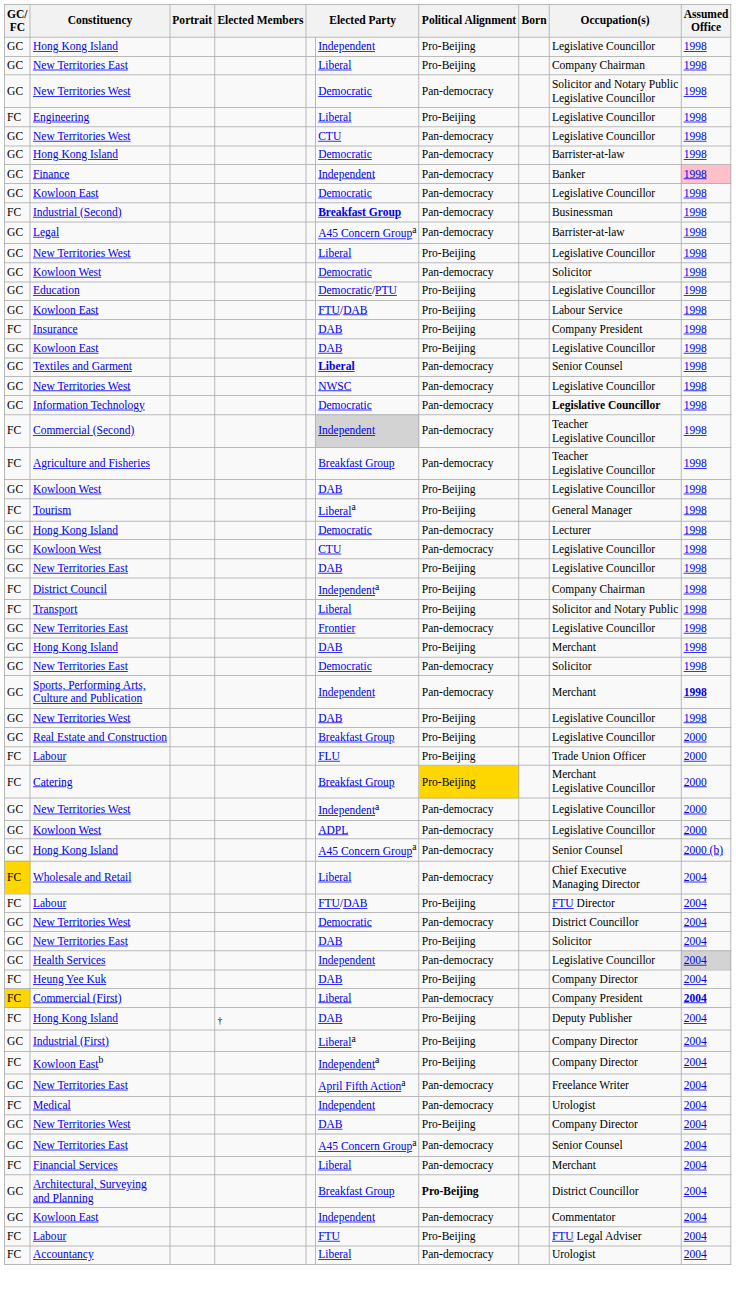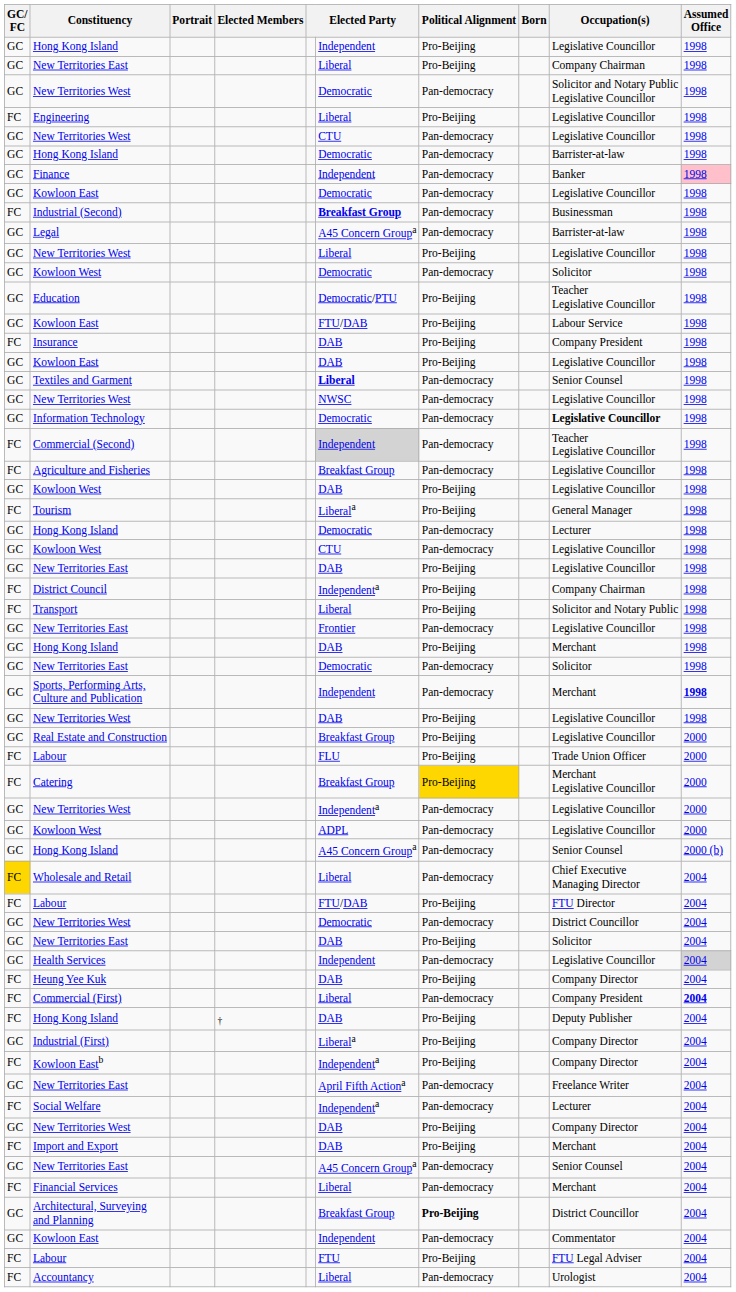 <table class="wikitable sortable" style="font-size:90%;">
 <tr>
 <th>GC/<br>FC</th>
 <th>Constituency</th>
 <th>Portrait</th>
 <th>Elected Members</th>
 <th colspan=2>Elected Party</th>
 <th>Political Alignment</th>
 <th>Born</th>
 <th>Occupation(s)</th>
 <th>Assumed<br>Office</th>
 </tr>
 <tr>
 <td>GC</td>
 <td><a href='#'>Hong Kong Island</a></td>
 <td></td>
 <td></td>
 <td style="color:inherit;background:"></td>
 <td><a href='#'>Independent</a></td>
 <td>Pro-Beijing</td>
 <td></td>
 <td>Legislative Councillor</td>
 <td><a href='#'>1998</a></td>
 </tr>
 <tr>
 <td>GC</td>
 <td><a href='#'>New Territories East</a></td>
 <td></td>
 <td></td>
 <td style="color:inherit;background:"></td>
 <td><a href='#'>Liberal</a></td>
 <td>Pro-Beijing</td>
 <td></td>
 <td>Company Chairman</td>
 <td><a href='#'>1998</a></td>
 </tr>
 <tr>
 <td>GC</td>
 <td><a href='#'>New Territories West</a></td>
 <td></td>
 <td></td>
 <td style="color:inherit;background:"></td>
 <td><a href='#'>Democratic</a></td>
 <td>Pan-democracy</td>
 <td></td>
 <td>Solicitor and Notary Public<br>Legislative Councillor</td>
 <td><a href='#'>1998</a></td>
 </tr>
 <tr>
 <td>FC</td>
 <td><a href='#'>Engineering</a></td>
 <td></td>
 <td></td>
 <td style="color:inherit;background:"></td>
 <td><a href='#'>Liberal</a></td>
 <td>Pro-Beijing</td>
 <td></td>
 <td>Legislative Councillor</td>
 <td><a href='#'>1998</a></td>
 </tr>
 <tr>
 <td>GC</td>
 <td><a href='#'>New Territories West</a></td>
 <td></td>
 <td></td>
 <td style="color:inherit;background:"></td>
 <td><a href='#'>CTU</a></td>
 <td>Pan-democracy</td>
 <td></td>
 <td>Legislative Councillor</td>
 <td><a href='#'>1998</a></td>
 </tr>
 <tr>
 <td>GC</td>
 <td><a href='#'>Hong Kong Island</a></td>
 <td></td>
 <td></td>
 <td style="color:inherit;background:"></td>
 <td><a href='#'>Democratic</a></td>
 <td>Pan-democracy</td>
 <td></td>
 <td>Barrister-at-law</td>
 <td><a href='#'>1998</a></td>
 </tr>
 <tr>
 <td>GC</td>
 <td><a href='#'>Finance</a></td>
 <td></td>
 <td></td>
 <td style="color:inherit;background:"></td>
 <td><a href='#'>Independent</a></td>
 <td>Pan-democracy</td>
 <td></td>
 <td>Banker</td>
 <td style="background: pink;"><a href='#'>1998</a></td>
 </tr>
 <tr>
 <td>GC</td>
 <td><a href='#'>Kowloon East</a></td>
 <td></td>
 <td></td>
 <td style="color:inherit;background:"></td>
 <td><a href='#'>Democratic</a></td>
 <td>Pan-democracy</td>
 <td></td>
 <td>Legislative Councillor</td>
 <td><a href='#'>1998</a></td>
 </tr>
 <tr>
 <td>FC</td>
 <td><a href='#'>Industrial (Second)</a></td>
 <td></td>
 <td></td>
 <td style="color:inherit;background:"></td>
 <td><strong><a href='#'>Breakfast Group</a></strong></td>
 <td>Pan-democracy</td>
 <td></td>
 <td>Businessman</td>
 <td><a href='#'>1998</a></td>
 </tr>
 <tr>
 <td>GC</td>
 <td><a href='#'>Legal</a></td>
 <td></td>
 <td></td>
 <td style="color:inherit;background:"></td>
 <td><a href='#'>A45 Concern Group</a><sup>a</sup></td>
 <td>Pan-democracy</td>
 <td></td>
 <td>Barrister-at-law</td>
 <td><a href='#'>1998</a></td>
 </tr>
 <tr>
 <td>GC</td>
 <td><a href='#'>New Territories West</a></td>
 <td></td>
 <td></td>
 <td style="color:inherit;background:"></td>
 <td><a href='#'>Liberal</a></td>
 <td>Pro-Beijing</td>
 <td></td>
 <td>Legislative Councillor</td>
 <td><a href='#'>1998</a></td>
 </tr>
 <tr>
 <td>GC</td>
 <td><a href='#'>Kowloon West</a></td>
 <td></td>
 <td></td>
 <td style="color:inherit;background:"></td>
 <td><a href='#'>Democratic</a></td>
 <td>Pan-democracy</td>
 <td></td>
 <td>Solicitor</td>
 <td><a href='#'>1998</a></td>
 </tr>
 <tr>
 <td>GC</td>
 <td><a href='#'>Education</a></td>
 <td></td>
 <td></td>
 <td style="color:inherit;background:"></td>
 <td><a href='#'>Democratic</a>/<a href='#'>PTU</a></td>
 <td>Pro-Beijing</td>
 <td></td>
-<td>Legislative Councillor</td>
+<td>Teacher<br>Legislative Councillor</td>
 <td><a href='#'>1998</a></td>
 </tr>
 <tr>
 <td>GC</td>
 <td><a href='#'>Kowloon East</a></td>
 <td></td>
 <td></td>
 <td style="color:inherit;background:"></td>
 <td><a href='#'>FTU</a>/<a href='#'>DAB</a></td>
 <td>Pro-Beijing</td>
 <td></td>
 <td>Labour Service</td>
 <td><a href='#'>1998</a></td>
 </tr>
 <tr>
 <td>FC</td>
 <td><a href='#'>Insurance</a></td>
 <td></td>
 <td></td>
 <td style="color:inherit;background:"></td>
 <td><a href='#'>DAB</a></td>
 <td>Pro-Beijing</td>
 <td></td>
 <td>Company President</td>
 <td><a href='#'>1998</a></td>
 </tr>
 <tr>
 <td>GC</td>
 <td><a href='#'>Kowloon East</a></td>
 <td></td>
 <td></td>
 <td style="color:inherit;background:"></td>
 <td><a href='#'>DAB</a></td>
 <td>Pro-Beijing</td>
 <td></td>
 <td>Legislative Councillor</td>
 <td><a href='#'>1998</a></td>
 </tr>
 <tr>
 <td>GC</td>
 <td><a href='#'>Textiles and Garment</a></td>
 <td></td>
 <td></td>
 <td style="color:inherit;background:"></td>
 <td><strong><a href='#'>Liberal</a></strong></td>
 <td>Pan-democracy</td>
 <td></td>
 <td>Senior Counsel</td>
 <td><a href='#'>1998</a></td>
 </tr>
 <tr>
 <td>GC</td>
 <td><a href='#'>New Territories West</a></td>
 <td></td>
 <td></td>
 <td style="color:inherit;background:"></td>
 <td><a href='#'>NWSC</a></td>
 <td>Pan-democracy</td>
 <td></td>
 <td>Legislative Councillor</td>
 <td><a href='#'>1998</a></td>
 </tr>
 <tr>
 <td>GC</td>
 <td><a href='#'>Information Technology</a></td>
 <td></td>
 <td></td>
 <td style="color:inherit;background:"></td>
 <td><a href='#'>Democratic</a></td>
 <td>Pan-democracy</td>
 <td></td>
 <td><strong>Legislative Councillor</strong></td>
 <td><a href='#'>1998</a></td>
 </tr>
 <tr>
 <td>FC</td>
 <td><a href='#'>Commercial (Second)</a></td>
 <td></td>
 <td></td>
 <td style="color:inherit;background:"></td>
 <td style="background: lightgrey;"><a href='#'>Independent</a></td>
 <td>Pan-democracy</td>
 <td></td>
 <td>Teacher<br>Legislative Councillor</td>
 <td><a href='#'>1998</a></td>
 </tr>
 <tr>
 <td>FC</td>
 <td><a href='#'>Agriculture and Fisheries</a></td>
 <td></td>
 <td></td>
 <td style="color:inherit;background:"></td>
 <td><a href='#'>Breakfast Group</a></td>
 <td>Pan-democracy</td>
 <td></td>
-<td>Teacher<br>Legislative Councillor</td>
+<td>Legislative Councillor</td>
 <td><a href='#'>1998</a></td>
 </tr>
 <tr>
 <td>GC</td>
 <td><a href='#'>Kowloon West</a></td>
 <td></td>
 <td></td>
 <td width=5px></td>
 <td><a href='#'>DAB</a></td>
 <td>Pro-Beijing</td>
 <td></td>
 <td>Legislative Councillor</td>
 <td><a href='#'>1998</a></td>
 </tr>
 <tr>
 <td>FC</td>
 <td><a href='#'>Tourism</a></td>
 <td></td>
 <td></td>
 <td style="color:inherit;background:"></td>
 <td><a href='#'>Liberal</a><sup>a</sup></td>
 <td>Pro-Beijing</td>
 <td></td>
 <td>General Manager</td>
 <td><a href='#'>1998</a></td>
 </tr>
 <tr>
 <td>GC</td>
 <td><a href='#'>Hong Kong Island</a></td>
 <td></td>
 <td></td>
 <td style="color:inherit;background:"></td>
 <td><a href='#'>Democratic</a></td>
 <td>Pan-democracy</td>
 <td></td>
 <td>Lecturer</td>
 <td><a href='#'>1998</a></td>
 </tr>
 <tr>
 <td>GC</td>
 <td><a href='#'>Kowloon West</a></td>
 <td></td>
 <td></td>
 <td style="color:inherit;background:"></td>
 <td><a href='#'>CTU</a></td>
 <td>Pan-democracy</td>
 <td></td>
 <td>Legislative Councillor</td>
 <td><a href='#'>1998</a></td>
 </tr>
 <tr>
 <td>GC</td>
 <td><a href='#'>New Territories East</a></td>
 <td></td>
 <td></td>
 <td style="color:inherit;background:"></td>
 <td><a href='#'>DAB</a></td>
 <td>Pro-Beijing</td>
 <td></td>
 <td>Legislative Councillor</td>
 <td><a href='#'>1998</a></td>
 </tr>
 <tr>
 <td>FC</td>
 <td><a href='#'>District Council</a></td>
 <td></td>
 <td></td>
 <td style="color:inherit;background:"></td>
 <td><a href='#'>Independent</a><sup>a</sup></td>
 <td>Pro-Beijing</td>
 <td></td>
 <td>Company Chairman</td>
 <td><a href='#'>1998</a></td>
 </tr>
 <tr>
 <td>FC</td>
 <td><a href='#'>Transport</a></td>
 <td></td>
 <td></td>
 <td style="color:inherit;background:"></td>
 <td><a href='#'>Liberal</a></td>
 <td>Pro-Beijing</td>
 <td></td>
 <td>Solicitor and Notary Public</td>
 <td><a href='#'>1998</a></td>
 </tr>
 <tr>
 <td>GC</td>
 <td><a href='#'>New Territories East</a></td>
 <td></td>
 <td></td>
 <td style="color:inherit;background:"></td>
 <td><a href='#'>Frontier</a></td>
 <td>Pan-democracy</td>
 <td></td>
 <td>Legislative Councillor</td>
 <td><a href='#'>1998</a></td>
 </tr>
 <tr>
 <td>GC</td>
 <td><a href='#'>Hong Kong Island</a></td>
 <td></td>
 <td></td>
 <td style="color:inherit;background:"></td>
 <td><a href='#'>DAB</a></td>
 <td>Pro-Beijing</td>
 <td></td>
 <td>Merchant</td>
 <td><a href='#'>1998</a></td>
 </tr>
 <tr>
 <td>GC</td>
 <td><a href='#'>New Territories East</a></td>
 <td></td>
 <td></td>
 <td style="color:inherit;background:"></td>
 <td><a href='#'>Democratic</a></td>
 <td>Pan-democracy</td>
 <td></td>
 <td>Solicitor</td>
 <td><a href='#'>1998</a></td>
 </tr>
 <tr>
 <td>GC</td>
 <td><a href='#'>Sports, Performing Arts,<br>Culture and Publication</a></td>
 <td></td>
 <td></td>
 <td style="color:inherit;background:"></td>
 <td><a href='#'>Independent</a></td>
 <td>Pan-democracy</td>
 <td></td>
 <td>Merchant</td>
 <td><strong><a href='#'>1998</a></strong></td>
 </tr>
 <tr>
 <td>GC</td>
 <td><a href='#'>New Territories West</a></td>
 <td></td>
 <td></td>
 <td style="color:inherit;background:"></td>
 <td><a href='#'>DAB</a></td>
 <td>Pro-Beijing</td>
 <td></td>
 <td>Legislative Councillor</td>
 <td><a href='#'>1998</a></td>
 </tr>
 <tr>
 <td>GC</td>
 <td><a href='#'>Real Estate and Construction</a></td>
 <td></td>
 <td></td>
 <td style="color:inherit;background:"></td>
 <td><a href='#'>Breakfast Group</a></td>
 <td>Pro-Beijing</td>
 <td></td>
 <td>Legislative Councillor</td>
 <td><a href='#'>2000</a></td>
 </tr>
 <tr>
 <td>FC</td>
 <td><a href='#'>Labour</a></td>
 <td></td>
 <td></td>
 <td style="color:inherit;background:"></td>
 <td><a href='#'>FLU</a></td>
 <td>Pro-Beijing</td>
 <td></td>
 <td>Trade Union Officer</td>
 <td><a href='#'>2000</a></td>
 </tr>
 <tr>
 <td>FC</td>
 <td><a href='#'>Catering</a></td>
 <td></td>
 <td></td>
 <td style="color:inherit;background:"></td>
 <td><a href='#'>Breakfast Group</a></td>
 <td style="background: gold;">Pro-Beijing</td>
 <td></td>
 <td>Merchant<br>Legislative Councillor</td>
 <td><a href='#'>2000</a></td>
 </tr>
 <tr>
 <td>GC</td>
 <td><a href='#'>New Territories West</a></td>
 <td></td>
 <td></td>
 <td style="color:inherit;background:"></td>
 <td><a href='#'>Independent</a><sup>a</sup></td>
 <td>Pan-democracy</td>
 <td></td>
 <td>Legislative Councillor</td>
 <td><a href='#'>2000</a></td>
 </tr>
 <tr>
 <td>GC</td>
 <td><a href='#'>Kowloon West</a></td>
 <td></td>
 <td></td>
 <td style="color:inherit;background:"></td>
 <td><a href='#'>ADPL</a></td>
 <td>Pan-democracy</td>
 <td></td>
 <td>Legislative Councillor</td>
 <td><a href='#'>2000</a></td>
 </tr>
 <tr>
 <td>GC</td>
 <td><a href='#'>Hong Kong Island</a></td>
 <td></td>
 <td></td>
 <td style="color:inherit;background:"></td>
 <td><a href='#'>A45 Concern Group</a><sup>a</sup></td>
 <td>Pan-democracy</td>
 <td></td>
 <td>Senior Counsel</td>
 <td><a href='#'>2000 (b)</a></td>
 </tr>
 <tr>
 <td style="background: gold;">FC</td>
 <td><a href='#'>Wholesale and Retail</a></td>
 <td></td>
 <td></td>
 <td style="color:inherit;background:"></td>
 <td><a href='#'>Liberal</a></td>
 <td>Pan-democracy</td>
 <td></td>
 <td>Chief Executive<br>Managing Director</td>
 <td><a href='#'>2004</a></td>
 </tr>
 <tr>
 <td>FC</td>
 <td><a href='#'>Labour</a></td>
 <td></td>
 <td></td>
 <td style="color:inherit;background:"></td>
 <td><a href='#'>FTU</a>/<a href='#'>DAB</a></td>
 <td>Pro-Beijing</td>
 <td></td>
 <td><a href='#'>FTU</a> Director</td>
 <td><a href='#'>2004</a></td>
 </tr>
 <tr>
 <td>GC</td>
 <td><a href='#'>New Territories West</a></td>
 <td></td>
 <td></td>
 <td style="color:inherit;background:"></td>
 <td><a href='#'>Democratic</a></td>
 <td>Pan-democracy</td>
 <td></td>
 <td>District Councillor</td>
 <td><a href='#'>2004</a></td>
 </tr>
 <tr>
 <td>GC</td>
 <td><a href='#'>New Territories East</a></td>
 <td></td>
 <td></td>
 <td style="color:inherit;background:"></td>
 <td><a href='#'>DAB</a></td>
 <td>Pro-Beijing</td>
 <td></td>
 <td>Solicitor</td>
 <td><a href='#'>2004</a></td>
 </tr>
 <tr>
 <td>GC</td>
 <td><a href='#'>Health Services</a></td>
 <td></td>
 <td></td>
 <td style="color:inherit;background:"></td>
 <td><a href='#'>Independent</a></td>
 <td>Pan-democracy</td>
 <td></td>
 <td>Legislative Councillor</td>
 <td style="background: lightgrey;"><a href='#'>2004</a></td>
 </tr>
 <tr>
 <td>FC</td>
 <td><a href='#'>Heung Yee Kuk</a></td>
 <td></td>
 <td></td>
 <td style="color:inherit;background:"></td>
 <td><a href='#'>DAB</a></td>
 <td>Pro-Beijing</td>
 <td></td>
 <td>Company Director</td>
 <td><a href='#'>2004</a></td>
 </tr>
 <tr>
-<td style="background: gold;">FC</td>
+<td>FC</td>
 <td><a href='#'>Commercial (First)</a></td>
 <td></td>
 <td></td>
 <td style="color:inherit;background:"></td>
 <td><a href='#'>Liberal</a></td>
 <td>Pan-democracy</td>
 <td></td>
 <td>Company President</td>
 <td><strong><a href='#'>2004</a></strong></td>
 </tr>
 <tr>
 <td>FC</td>
 <td><a href='#'>Hong Kong Island</a></td>
 <td></td>
 <td><em></em><sub>†</sub></td>
 <td style="color:inherit;background:"></td>
 <td><a href='#'>DAB</a></td>
 <td>Pro-Beijing</td>
 <td></td>
 <td>Deputy Publisher</td>
 <td><a href='#'>2004</a></td>
 </tr>
 <tr>
 <td>GC</td>
 <td><a href='#'>Industrial (First)</a></td>
 <td></td>
 <td></td>
 <td style="color:inherit;background:"></td>
 <td><a href='#'>Liberal</a><sup>a</sup></td>
 <td>Pro-Beijing</td>
 <td></td>
 <td>Company Director</td>
 <td><a href='#'>2004</a></td>
 </tr>
 <tr>
 <td>FC</td>
 <td><a href='#'>Kowloon East</a><sup>b</sup></td>
 <td></td>
 <td></td>
 <td style="color:inherit;background:"></td>
 <td><a href='#'>Independent</a><sup>a</sup></td>
 <td>Pro-Beijing</td>
 <td></td>
 <td>Company Director</td>
 <td><a href='#'>2004</a></td>
 </tr>
 <tr>
 <td>GC</td>
 <td><a href='#'>New Territories East</a></td>
 <td></td>
 <td></td>
 <td style="color:inherit;background:"></td>
 <td><a href='#'>April Fifth Action</a><sup>a</sup></td>
 <td>Pan-democracy</td>
 <td></td>
 <td>Freelance Writer</td>
 <td><a href='#'>2004</a></td>
 </tr>
 <tr>
 <td>FC</td>
-<td><a href='#'>Medical</a></td>
+<td><a href='#'>Social Welfare</a></td>
 <td></td>
 <td></td>
 <td style="color:inherit;background:"></td>
-<td><a href='#'>Independent</a></td>
+<td><a href='#'>Independent</a><sup>a</sup></td>
 <td>Pan-democracy</td>
 <td></td>
-<td>Urologist</td>
+<td>Lecturer</td>
 <td><a href='#'>2004</a></td>
 </tr>
 <tr>
 <td>GC</td>
 <td><a href='#'>New Territories West</a></td>
 <td></td>
 <td></td>
 <td style="color:inherit;background:"></td>
 <td><a href='#'>DAB</a></td>
 <td>Pro-Beijing</td>
 <td></td>
 <td>Company Director</td>
+<td><a href='#'>2004</a></td>
+</tr>
+<tr>
+<td>FC</td>
+<td><a href='#'>Import and Export</a></td>
+<td></td>
+<td></td>
+<td style="color:inherit;background:"></td>
+<td><a href='#'>DAB</a></td>
+<td>Pro-Beijing</td>
+<td></td>
+<td>Merchant</td>
 <td><a href='#'>2004</a></td>
 </tr>
 <tr>
 <td>GC</td>
 <td><a href='#'>New Territories East</a></td>
 <td></td>
 <td></td>
 <td style="color:inherit;background:"></td>
 <td><a href='#'>A45 Concern Group</a><sup>a</sup></td>
 <td>Pan-democracy</td>
 <td></td>
 <td>Senior Counsel</td>
 <td><a href='#'>2004</a></td>
 </tr>
 <tr>
 <td>FC</td>
 <td><a href='#'>Financial Services</a></td>
 <td></td>
 <td></td>
 <td style="color:inherit;background:"></td>
 <td><a href='#'>Liberal</a></td>
 <td>Pan-democracy</td>
 <td></td>
 <td>Merchant</td>
 <td><a href='#'>2004</a></td>
 </tr>
 <tr>
 <td>GC</td>
 <td><a href='#'>Architectural, Surveying<br>and Planning</a></td>
 <td></td>
 <td></td>
 <td style="color:inherit;background:"></td>
 <td><a href='#'>Breakfast Group</a></td>
 <td><strong>Pro-Beijing</strong></td>
 <td></td>
 <td>District Councillor</td>
 <td><a href='#'>2004</a></td>
 </tr>
 <tr>
 <td>GC</td>
 <td><a href='#'>Kowloon East</a></td>
 <td></td>
 <td></td>
 <td style="color:inherit;background:"></td>
 <td><a href='#'>Independent</a></td>
 <td>Pan-democracy</td>
 <td></td>
 <td>Commentator</td>
 <td><a href='#'>2004</a></td>
 </tr>
 <tr>
 <td>FC</td>
 <td><a href='#'>Labour</a></td>
 <td></td>
 <td></td>
 <td style="color:inherit;background:"></td>
 <td><a href='#'>FTU</a></td>
 <td>Pro-Beijing</td>
 <td></td>
 <td><a href='#'>FTU</a> Legal Adviser</td>
 <td><a href='#'>2004</a></td>
 </tr>
 <tr>
 <td>FC</td>
 <td><a href='#'>Accountancy</a></td>
 <td></td>
 <td></td>
 <td style="color:inherit;background:"></td>
 <td><a href='#'>Liberal</a></td>
 <td>Pan-democracy</td>
 <td></td>
 <td>Urologist</td>
 <td><a href='#'>2004</a></td>
 </tr>
 </table>
